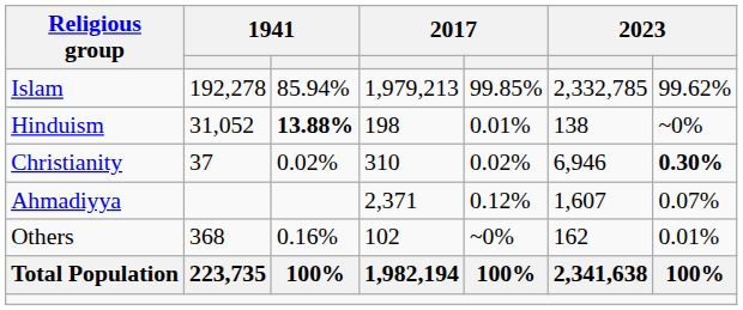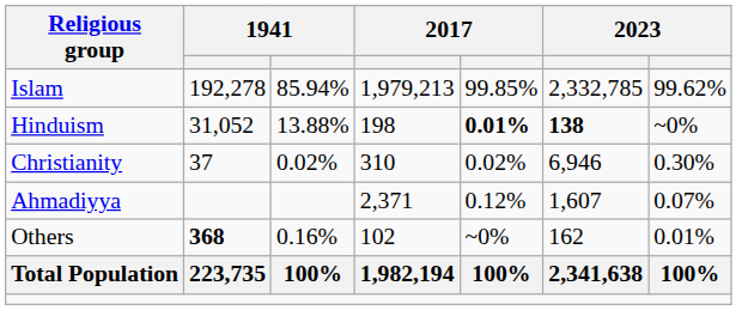 <table class="wikitable sortable">
 <tr>
 <th rowspan="2"><a href='#'>Religious</a><br>group</th>
 <th colspan="2">1941</th>
 <th colspan="2">2017</th>
 <th colspan="2">2023</th>
 </tr>
 <tr>
 <th><a href='#'></a></th>
 <th></th>
 <th></th>
 <th></th>
 <th></th>
 <th></th>
 </tr>
 <tr>
 <td><a href='#'>Islam</a> </td>
 <td>192,278</td>
 <td>85.94%</td>
 <td>1,979,213</td>
 <td>99.85%</td>
 <td>2,332,785</td>
 <td>99.62%</td>
 </tr>
 <tr>
 <td><a href='#'>Hinduism</a> </td>
 <td>31,052</td>
-<td><strong>13.88%</strong></td>
+<td>13.88%</td>
 <td>198</td>
-<td>0.01%</td>
-<td>138</td>
+<td><strong>0.01%</strong></td>
+<td><strong>138</strong></td>
 <td>~0%</td>
 </tr>
 <tr>
 <td><a href='#'>Christianity</a> </td>
 <td>37</td>
 <td>0.02%</td>
 <td>310</td>
 <td>0.02%</td>
 <td>6,946</td>
-<td><strong>0.30%</strong></td>
+<td>0.30%</td>
 </tr>
 <tr>
 <td><a href='#'>Ahmadiyya</a> </td>
 <td></td>
 <td></td>
 <td>2,371</td>
 <td>0.12%</td>
 <td>1,607</td>
 <td>0.07%</td>
 </tr>
 <tr>
 <td>Others</td>
-<td>368</td>
+<td><strong>368</strong></td>
 <td>0.16%</td>
 <td>102</td>
 <td>~0%</td>
 <td>162</td>
 <td>0.01%</td>
 </tr>
 <tr>
 <th>Total Population</th>
 <th>223,735</th>
 <th>100%</th>
 <th>1,982,194</th>
 <th>100%</th>
 <th>2,341,638</th>
 <th>100%</th>
 </tr>
 <tr class="sortbottom">
 <td colspan="7"></td>
 </tr>
 </table>
